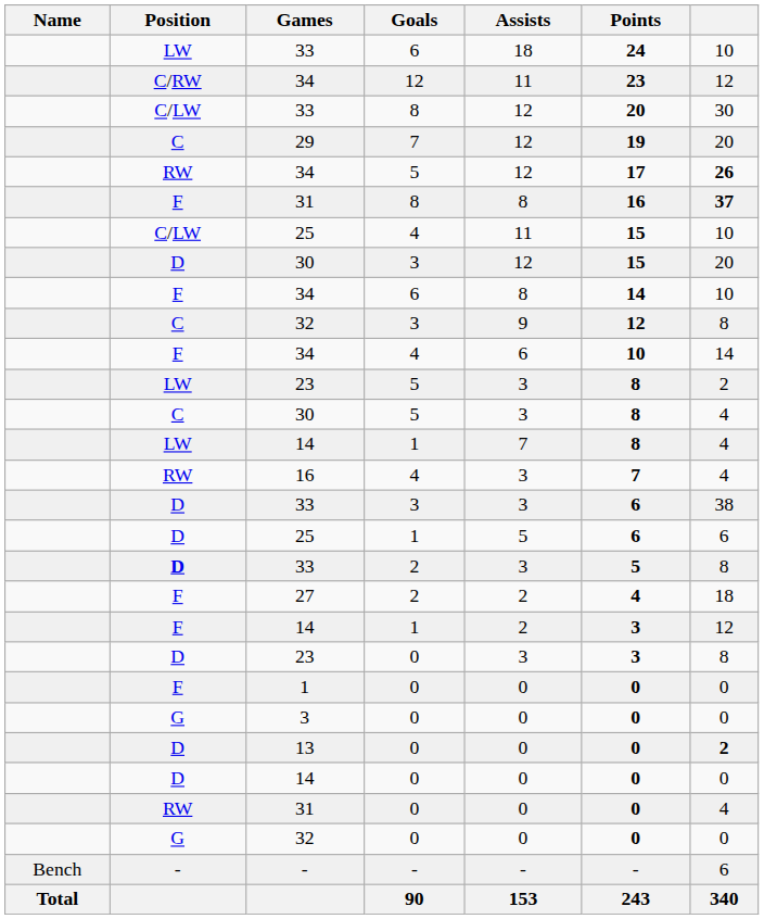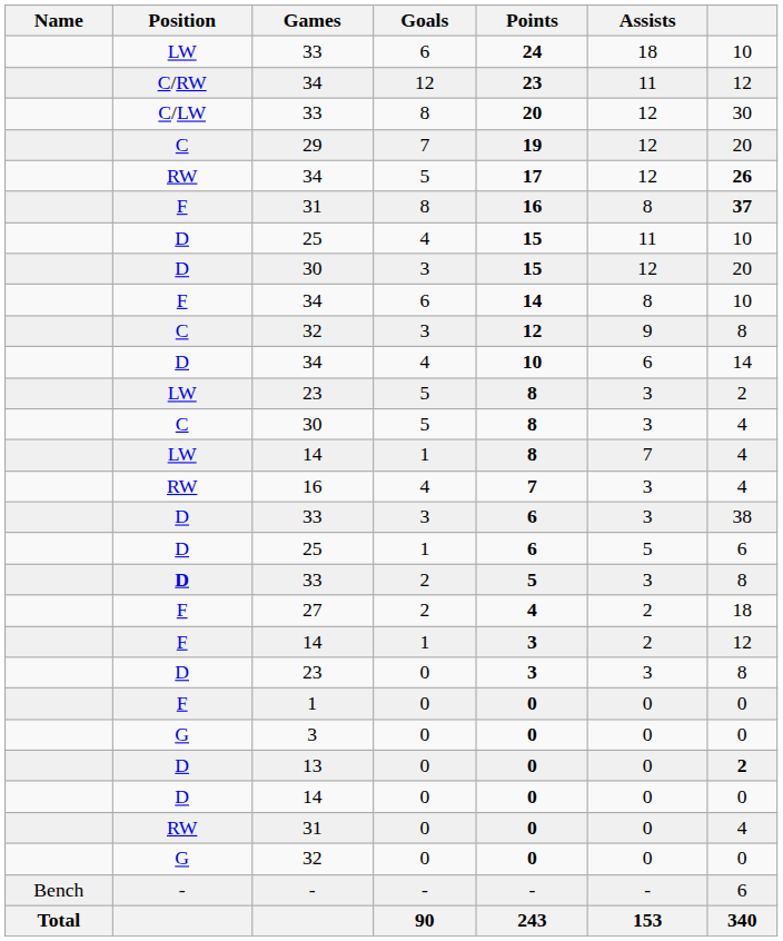 <table class="wikitable sortable" width ="50%">
 <tr align="center">
 <th><strong>Name</strong></th>
 <th><strong>Position</strong></th>
 <th><strong>Games</strong></th>
 <th><strong>Goals</strong></th>
+<th><strong>Points</strong></th>
 <th><strong>Assists</strong></th>
-<th><strong>Points</strong></th>
 <th><strong><a href='#'></a></strong></th>
 </tr>
 <tr align="center" bgcolor="">
 <td></td>
 <td><a href='#'>LW</a></td>
 <td>33</td>
 <td>6</td>
+<td><strong>24</strong></td>
 <td>18</td>
-<td><strong>24</strong></td>
 <td>10</td>
 </tr>
 <tr align="center" bgcolor="f0f0f0">
 <td></td>
 <td><a href='#'>C</a>/<a href='#'>RW</a></td>
 <td>34</td>
 <td>12</td>
+<td><strong>23</strong></td>
 <td>11</td>
-<td><strong>23</strong></td>
 <td>12</td>
 </tr>
 <tr align="center" bgcolor="">
 <td></td>
 <td><a href='#'>C</a>/<a href='#'>LW</a></td>
 <td>33</td>
 <td>8</td>
+<td><strong>20</strong></td>
 <td>12</td>
-<td><strong>20</strong></td>
 <td>30</td>
 </tr>
 <tr align="center" bgcolor="f0f0f0">
 <td></td>
 <td><a href='#'>C</a></td>
 <td>29</td>
 <td>7</td>
+<td><strong>19</strong></td>
 <td>12</td>
-<td><strong>19</strong></td>
 <td>20</td>
 </tr>
 <tr align="center" bgcolor="">
 <td></td>
 <td><a href='#'>RW</a></td>
 <td>34</td>
 <td>5</td>
+<td><strong>17</strong></td>
 <td>12</td>
-<td><strong>17</strong></td>
 <td><strong>26</strong></td>
 </tr>
 <tr align="center" bgcolor="f0f0f0">
 <td></td>
 <td><a href='#'>F</a></td>
 <td>31</td>
 <td>8</td>
+<td><strong>16</strong></td>
 <td>8</td>
-<td><strong>16</strong></td>
 <td><strong>37</strong></td>
 </tr>
 <tr align="center" bgcolor="">
 <td></td>
-<td><a href='#'>C</a>/<a href='#'>LW</a></td>
+<td><a href='#'>D</a></td>
 <td>25</td>
 <td>4</td>
+<td><strong>15</strong></td>
 <td>11</td>
-<td><strong>15</strong></td>
 <td>10</td>
 </tr>
 <tr align="center" bgcolor="f0f0f0">
 <td></td>
 <td><a href='#'>D</a></td>
 <td>30</td>
 <td>3</td>
+<td><strong>15</strong></td>
 <td>12</td>
-<td><strong>15</strong></td>
 <td>20</td>
 </tr>
 <tr align="center" bgcolor="">
 <td></td>
 <td><a href='#'>F</a></td>
 <td>34</td>
 <td>6</td>
+<td><strong>14</strong></td>
 <td>8</td>
-<td><strong>14</strong></td>
 <td>10</td>
 </tr>
 <tr align="center" bgcolor="f0f0f0">
 <td></td>
 <td><a href='#'>C</a></td>
 <td>32</td>
 <td>3</td>
+<td><strong>12</strong></td>
 <td>9</td>
-<td><strong>12</strong></td>
 <td>8</td>
 </tr>
 <tr align="center" bgcolor="">
 <td></td>
-<td><a href='#'>F</a></td>
+<td><a href='#'>D</a></td>
 <td>34</td>
 <td>4</td>
+<td><strong>10</strong></td>
 <td>6</td>
-<td><strong>10</strong></td>
 <td>14</td>
 </tr>
 <tr align="center" bgcolor="f0f0f0">
 <td></td>
 <td><a href='#'>LW</a></td>
 <td>23</td>
 <td>5</td>
+<td><strong>8</strong></td>
 <td>3</td>
-<td><strong>8</strong></td>
 <td>2</td>
 </tr>
 <tr align="center" bgcolor="">
 <td></td>
 <td><a href='#'>C</a></td>
 <td>30</td>
 <td>5</td>
+<td><strong>8</strong></td>
 <td>3</td>
-<td><strong>8</strong></td>
 <td>4</td>
 </tr>
 <tr align="center" bgcolor="f0f0f0">
 <td></td>
 <td><a href='#'>LW</a></td>
 <td>14</td>
 <td>1</td>
+<td><strong>8</strong></td>
 <td>7</td>
-<td><strong>8</strong></td>
 <td>4</td>
 </tr>
 <tr align="center" bgcolor="">
 <td></td>
 <td><a href='#'>RW</a></td>
 <td>16</td>
 <td>4</td>
+<td><strong>7</strong></td>
 <td>3</td>
-<td><strong>7</strong></td>
 <td>4</td>
 </tr>
 <tr align="center" bgcolor="f0f0f0">
 <td></td>
 <td><a href='#'>D</a></td>
 <td>33</td>
 <td>3</td>
+<td><strong>6</strong></td>
 <td>3</td>
-<td><strong>6</strong></td>
 <td>38</td>
 </tr>
 <tr align="center" bgcolor="">
 <td></td>
 <td><a href='#'>D</a></td>
 <td>25</td>
 <td>1</td>
+<td><strong>6</strong></td>
 <td>5</td>
-<td><strong>6</strong></td>
 <td>6</td>
 </tr>
 <tr align="center" bgcolor="f0f0f0">
 <td></td>
 <td><strong><a href='#'>D</a></strong></td>
 <td>33</td>
 <td>2</td>
+<td><strong>5</strong></td>
 <td>3</td>
-<td><strong>5</strong></td>
 <td>8</td>
 </tr>
 <tr align="center" bgcolor="">
 <td></td>
 <td><a href='#'>F</a></td>
 <td>27</td>
 <td>2</td>
+<td><strong>4</strong></td>
 <td>2</td>
-<td><strong>4</strong></td>
 <td>18</td>
 </tr>
 <tr align="center" bgcolor="f0f0f0">
 <td></td>
 <td><a href='#'>F</a></td>
 <td>14</td>
 <td>1</td>
+<td><strong>3</strong></td>
 <td>2</td>
-<td><strong>3</strong></td>
 <td>12</td>
 </tr>
 <tr align="center" bgcolor="">
 <td></td>
 <td><a href='#'>D</a></td>
 <td>23</td>
 <td>0</td>
+<td><strong>3</strong></td>
 <td>3</td>
-<td><strong>3</strong></td>
 <td>8</td>
 </tr>
 <tr align="center" bgcolor="f0f0f0">
 <td></td>
 <td><a href='#'>F</a></td>
 <td>1</td>
 <td>0</td>
+<td><strong>0</strong></td>
 <td>0</td>
-<td><strong>0</strong></td>
 <td>0</td>
 </tr>
 <tr align="center" bgcolor="">
 <td></td>
 <td><a href='#'>G</a></td>
 <td>3</td>
 <td>0</td>
+<td><strong>0</strong></td>
 <td>0</td>
-<td><strong>0</strong></td>
 <td>0</td>
 </tr>
 <tr align="center" bgcolor="f0f0f0">
 <td></td>
 <td><a href='#'>D</a></td>
 <td>13</td>
 <td>0</td>
+<td><strong>0</strong></td>
 <td>0</td>
-<td><strong>0</strong></td>
 <td><strong>2</strong></td>
 </tr>
 <tr align="center" bgcolor="">
 <td></td>
 <td><a href='#'>D</a></td>
 <td>14</td>
 <td>0</td>
+<td><strong>0</strong></td>
 <td>0</td>
-<td><strong>0</strong></td>
 <td>0</td>
 </tr>
 <tr align="center" bgcolor="f0f0f0">
 <td></td>
 <td><a href='#'>RW</a></td>
 <td>31</td>
 <td>0</td>
+<td><strong>0</strong></td>
 <td>0</td>
-<td><strong>0</strong></td>
 <td>4</td>
 </tr>
 <tr align="center" bgcolor="">
 <td></td>
 <td><a href='#'>G</a></td>
 <td>32</td>
 <td>0</td>
+<td><strong>0</strong></td>
 <td>0</td>
-<td><strong>0</strong></td>
 <td>0</td>
 </tr>
 <tr align="center" bgcolor="f0f0f0">
 <td>Bench</td>
 <td>-</td>
 <td>-</td>
 <td>-</td>
 <td>-</td>
 <td>-</td>
 <td>6</td>
 </tr>
 <tr>
 <th>Total</th>
 <th></th>
 <th></th>
 <th>90</th>
+<th>243</th>
 <th>153</th>
-<th>243</th>
 <th>340</th>
 </tr>
 </table>
